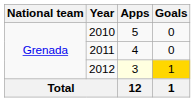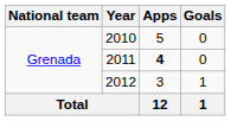 <table class="wikitable" style="text-align:center">
 <tr>
 <th>National team</th>
 <th>Year</th>
 <th>Apps</th>
 <th>Goals</th>
 </tr>
 <tr>
 <td rowspan="3"><a href='#'>Grenada</a></td>
 <td>2010</td>
 <td>5</td>
 <td>0</td>
 </tr>
 <tr>
 <td>2011</td>
-<td>4</td>
+<td><strong>4</strong></td>
 <td>0</td>
 </tr>
 <tr>
 <td>2012</td>
-<td style="background: lightyellow;">3</td>
-<td style="background: gold;">1</td>
+<td>3</td>
+<td>1</td>
 </tr>
 <tr>
 <th colspan="2">Total</th>
 <th>12</th>
 <th>1</th>
 </tr>
 </table>
